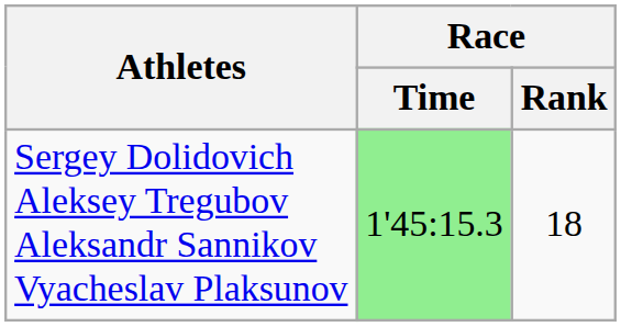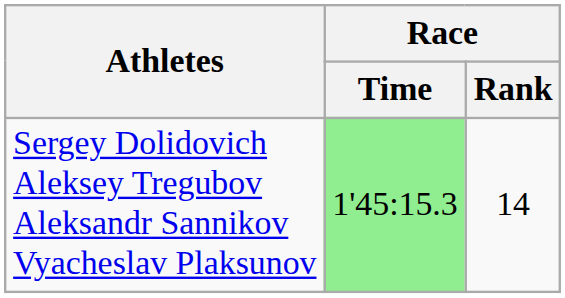 <table class="wikitable" border="1" style="font-size:90%">
 <tr>
 <th rowspan=2>Athletes</th>
 <th colspan=2>Race</th>
 </tr>
 <tr>
 <th>Time</th>
 <th>Rank</th>
 </tr>
 <tr>
 <td><a href='#'>Sergey Dolidovich</a><br><a href='#'>Aleksey Tregubov</a><br><a href='#'>Aleksandr Sannikov</a><br><a href='#'>Vyacheslav Plaksunov</a></td>
 <td align=center style="background: lightgreen;">1'45:15.3</td>
-<td align=center>18</td>
+<td align=center>14</td>
 </tr>
 </table>
